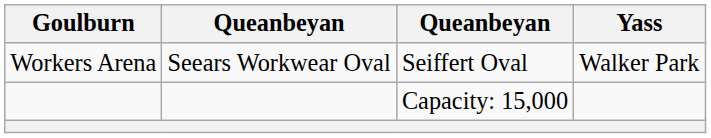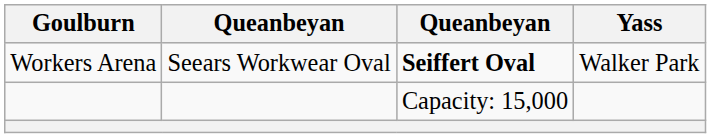 <table class="wikitable">
 <tr>
 <th>Goulburn</th>
 <th>Queanbeyan</th>
 <th>Queanbeyan</th>
 <th>Yass</th>
 </tr>
 <tr>
 <td>Workers Arena</td>
 <td>Seears Workwear Oval</td>
-<td>Seiffert Oval</td>
+<td><strong>Seiffert Oval</strong></td>
 <td>Walker Park</td>
 </tr>
 <tr>
 <td></td>
 <td></td>
 <td>Capacity: 15,000</td>
 <td></td>
 </tr>
 <tr>
 <th colspan="4"></th>
 </tr>
 </table>
